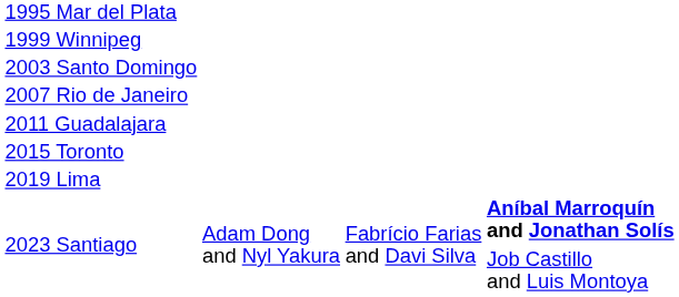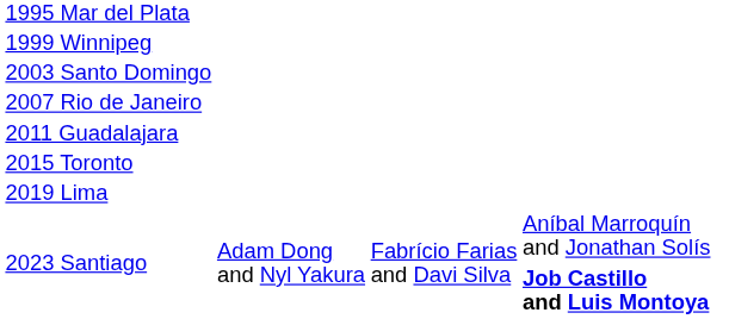 <table>
 <tr>
 <td rowspan=2><a href='#'>1995 Mar del Plata</a><br></td>
 <td rowspan=2></td>
 <td rowspan=2></td>
 <td></td>
 </tr>
 <tr>
 <td></td>
 </tr>
 <tr>
 <td rowspan=2><a href='#'>1999 Winnipeg</a><br></td>
 <td rowspan=2></td>
 <td rowspan=2></td>
 <td></td>
 </tr>
 <tr>
 <td></td>
 </tr>
 <tr>
 <td rowspan=2><a href='#'>2003 Santo Domingo</a><br></td>
 <td rowspan=2></td>
 <td rowspan=2></td>
 <td></td>
 </tr>
 <tr>
 <td></td>
 </tr>
 <tr>
 <td rowspan=2><a href='#'>2007 Rio de Janeiro</a><br></td>
 <td rowspan=2></td>
 <td rowspan=2></td>
 <td></td>
 </tr>
 <tr>
 <td></td>
 </tr>
 <tr>
 <td rowspan=2><a href='#'>2011 Guadalajara</a><br></td>
 <td rowspan=2></td>
 <td rowspan=2></td>
 <td></td>
 </tr>
 <tr>
 <td></td>
 </tr>
 <tr>
 <td rowspan=2><a href='#'>2015 Toronto</a><br></td>
 <td rowspan=2></td>
 <td rowspan=2></td>
 <td></td>
 </tr>
 <tr>
 <td></td>
 </tr>
 <tr>
 <td rowspan=2><a href='#'>2019 Lima</a><br></td>
 <td rowspan=2></td>
 <td rowspan=2></td>
 <td></td>
 </tr>
 <tr>
 <td></td>
 </tr>
 <tr>
 <td rowspan=2><a href='#'>2023 Santiago</a><br></td>
 <td rowspan=2><a href='#'>Adam Dong</a><br>and <a href='#'>Nyl Yakura</a><br></td>
 <td rowspan=2><a href='#'>Fabrício Farias</a><br>and <a href='#'>Davi Silva</a><br></td>
-<td><strong><a href='#'>Aníbal Marroquín</a><br>and <a href='#'>Jonathan Solís</a><br></strong></td>
+<td><a href='#'>Aníbal Marroquín</a><br>and <a href='#'>Jonathan Solís</a><br></td>
 </tr>
 <tr>
-<td><a href='#'>Job Castillo</a><br>and <a href='#'>Luis Montoya</a><br></td>
+<td><strong><a href='#'>Job Castillo</a><br>and <a href='#'>Luis Montoya</a><br></strong></td>
 </tr>
 </table>
